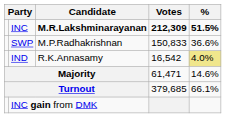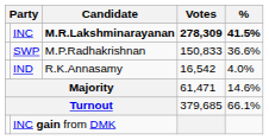 <table class="wikitable">
 <tr>
 <th colspan="2">Party</th>
 <th>Candidate</th>
 <th>Votes</th>
 <th>%</th>
 </tr>
 <tr>
 <td></td>
 <td><a href='#'>INC</a></td>
 <td><strong>M.R.Lakshminarayanan</strong></td>
-<td><strong>212,309</strong></td>
-<td><strong>51.5%</strong></td>
+<td><strong>278,309</strong></td>
+<td><strong>41.5%</strong></td>
 </tr>
 <tr>
 <td></td>
 <td><a href='#'>SWP</a></td>
 <td>M.P.Radhakrishnan</td>
 <td>150,833</td>
 <td>36.6%</td>
 </tr>
 <tr>
 <td></td>
 <td><a href='#'>IND</a></td>
 <td>R.K.Annasamy</td>
 <td>16,542</td>
-<td style="background: khaki;">4.0%</td>
+<td>4.0%</td>
 </tr>
 <tr>
 <th colspan="3">Majority</th>
 <td>61,471</td>
 <td>14.6%</td>
 </tr>
 <tr>
 <th colspan="3"><a href='#'>Turnout</a></th>
 <td>379,685</td>
 <td>66.1%</td>
 </tr>
 <tr>
 <td></td>
 <td colspan="2"><a href='#'>INC</a> <strong>gain</strong> from <a href='#'>DMK</a></td>
 <th></th>
 <td></td>
 </tr>
 </table>
